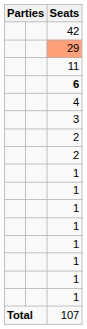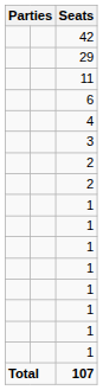 <table class="wikitable" style="text-align:left;">
 <tr>
 <th colspan="2" style="text-align:left;">Parties</th>
 <th>Seats</th>
 </tr>
 <tr>
 <td></td>
 <td></td>
 <td style="text-align:right;">42</td>
 </tr>
 <tr>
 <td></td>
 <td></td>
-<td style="background: lightsalmon; text-align:right;">29</td>
+<td style="text-align:right;">29</td>
 </tr>
 <tr>
 <td></td>
 <td></td>
 <td style="text-align:right;">11</td>
 </tr>
 <tr>
 <td></td>
 <td></td>
-<td style="text-align:right;"><strong>6</strong></td>
+<td style="text-align:right;">6</td>
 </tr>
 <tr>
 <td></td>
 <td></td>
 <td style="text-align:right;">4</td>
 </tr>
 <tr>
 <td></td>
 <td></td>
 <td style="text-align:right;">3</td>
 </tr>
 <tr>
 <td></td>
 <td></td>
 <td style="text-align:right;">2</td>
 </tr>
 <tr>
 <td></td>
 <td></td>
 <td style="text-align:right;">2</td>
 </tr>
 <tr>
 <td></td>
 <td></td>
 <td style="text-align:right;">1</td>
 </tr>
 <tr>
 <td></td>
 <td></td>
 <td style="text-align:right;">1</td>
 </tr>
 <tr>
 <td></td>
 <td></td>
 <td style="text-align:right;">1</td>
 </tr>
 <tr>
 <td></td>
 <td></td>
 <td style="text-align:right;">1</td>
 </tr>
 <tr>
 <td></td>
 <td></td>
 <td style="text-align:right;">1</td>
 </tr>
 <tr>
 <td></td>
 <td></td>
 <td style="text-align:right;">1</td>
 </tr>
 <tr>
 <td></td>
 <td></td>
 <td style="text-align:right;">1</td>
 </tr>
 <tr>
 <td></td>
 <td></td>
 <td style="text-align:right;">1</td>
 </tr>
 <tr>
 <td colspan="2"><strong>Total</strong></td>
-<td style="text-align:right;">107</td>
+<td style="text-align:right;"><strong>107</strong></td>
 </tr>
 </table>
